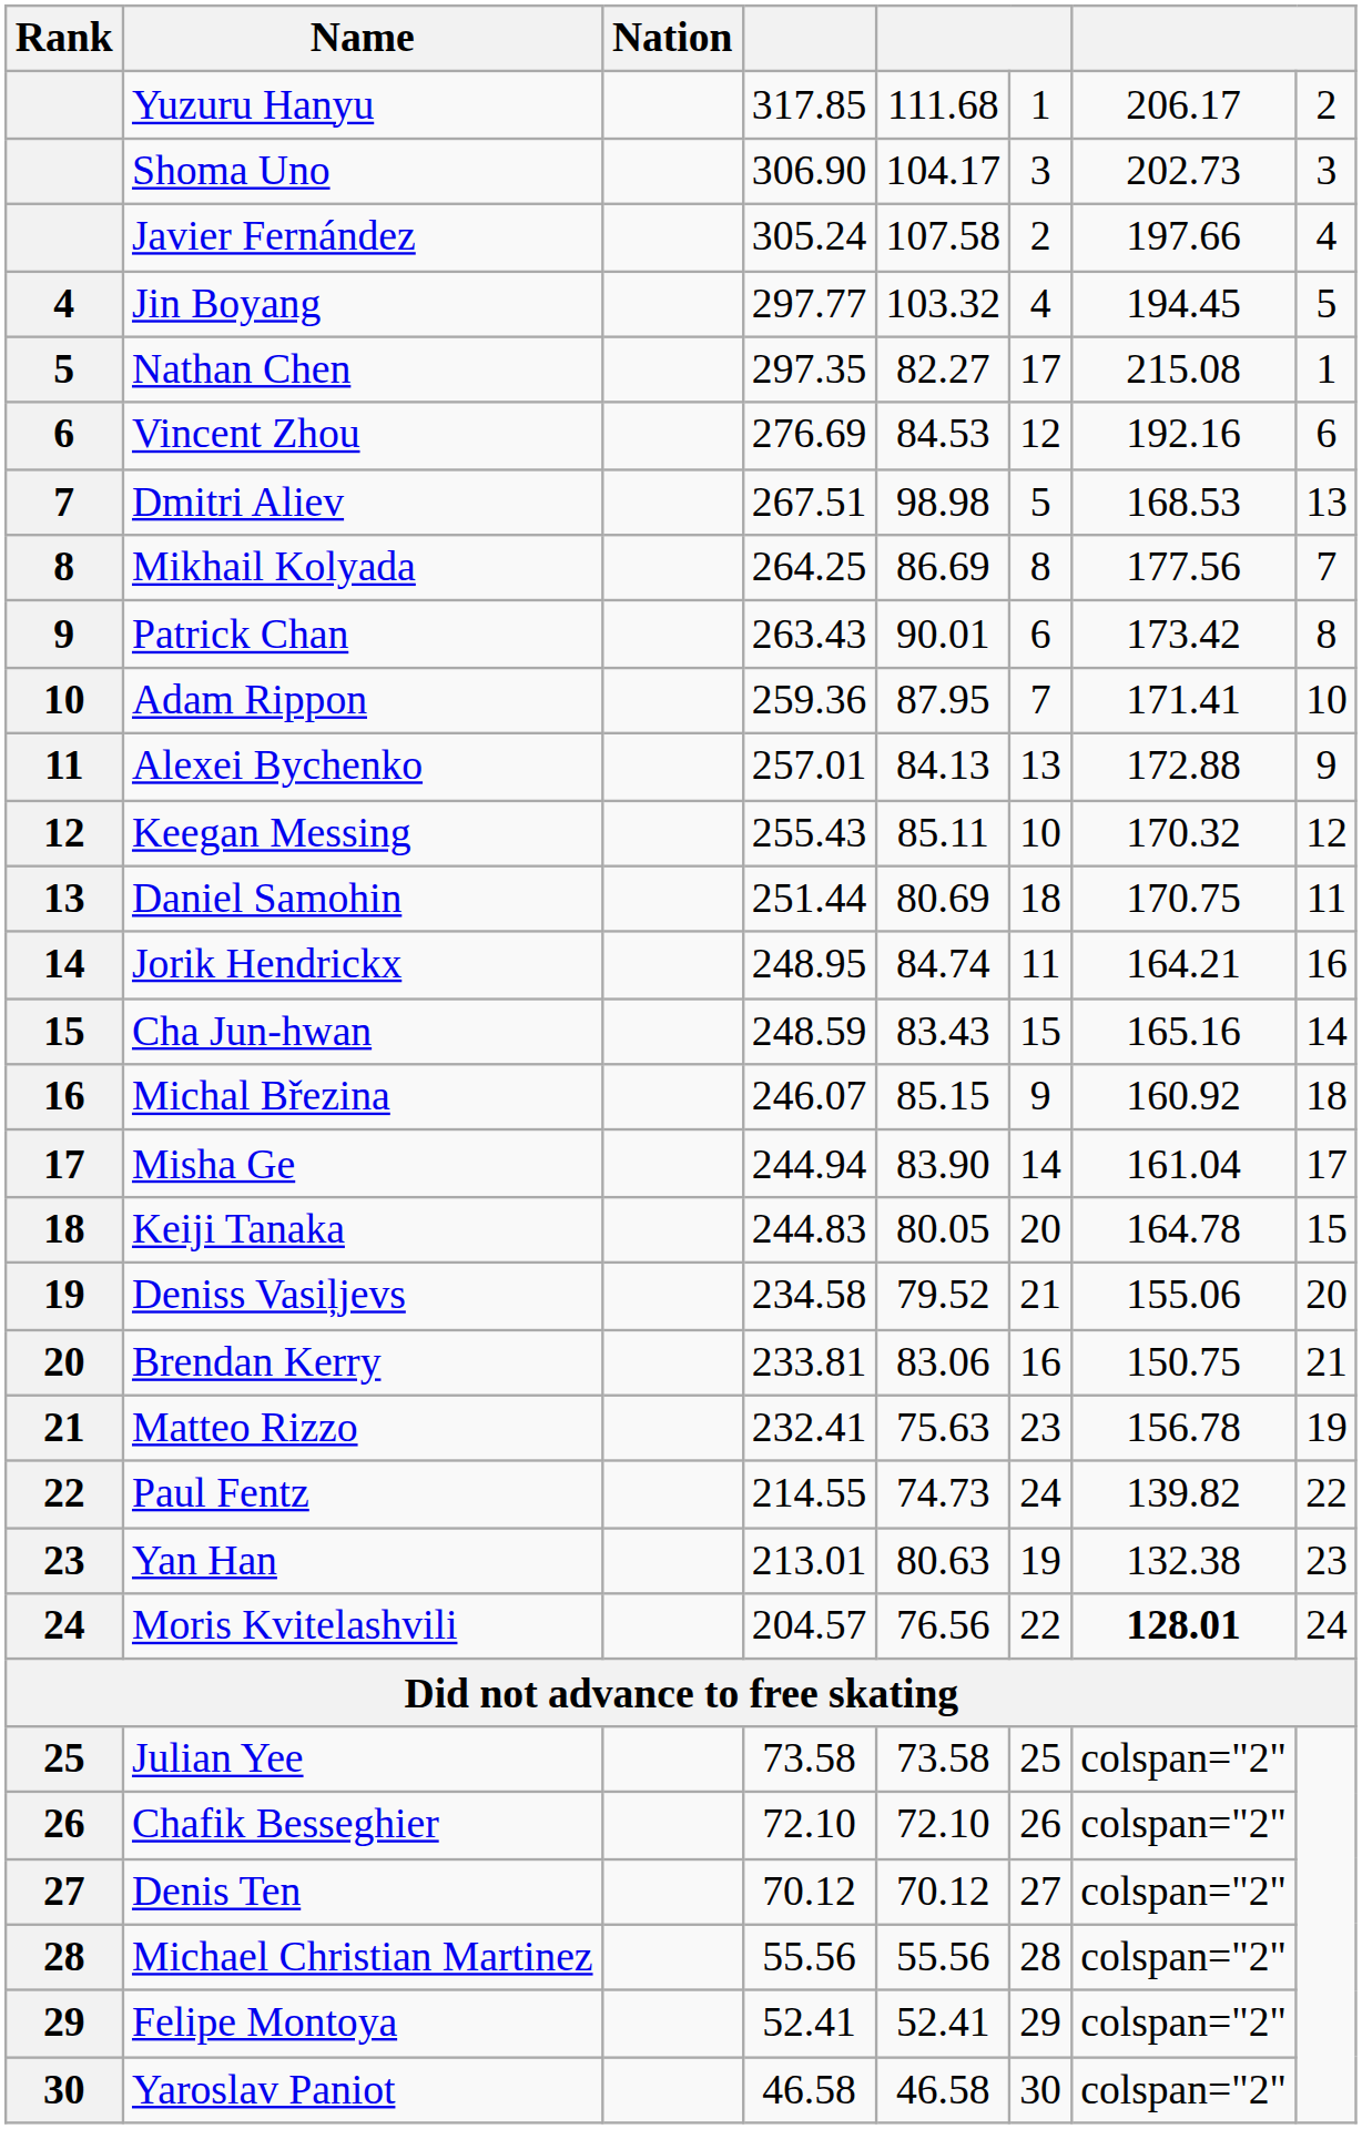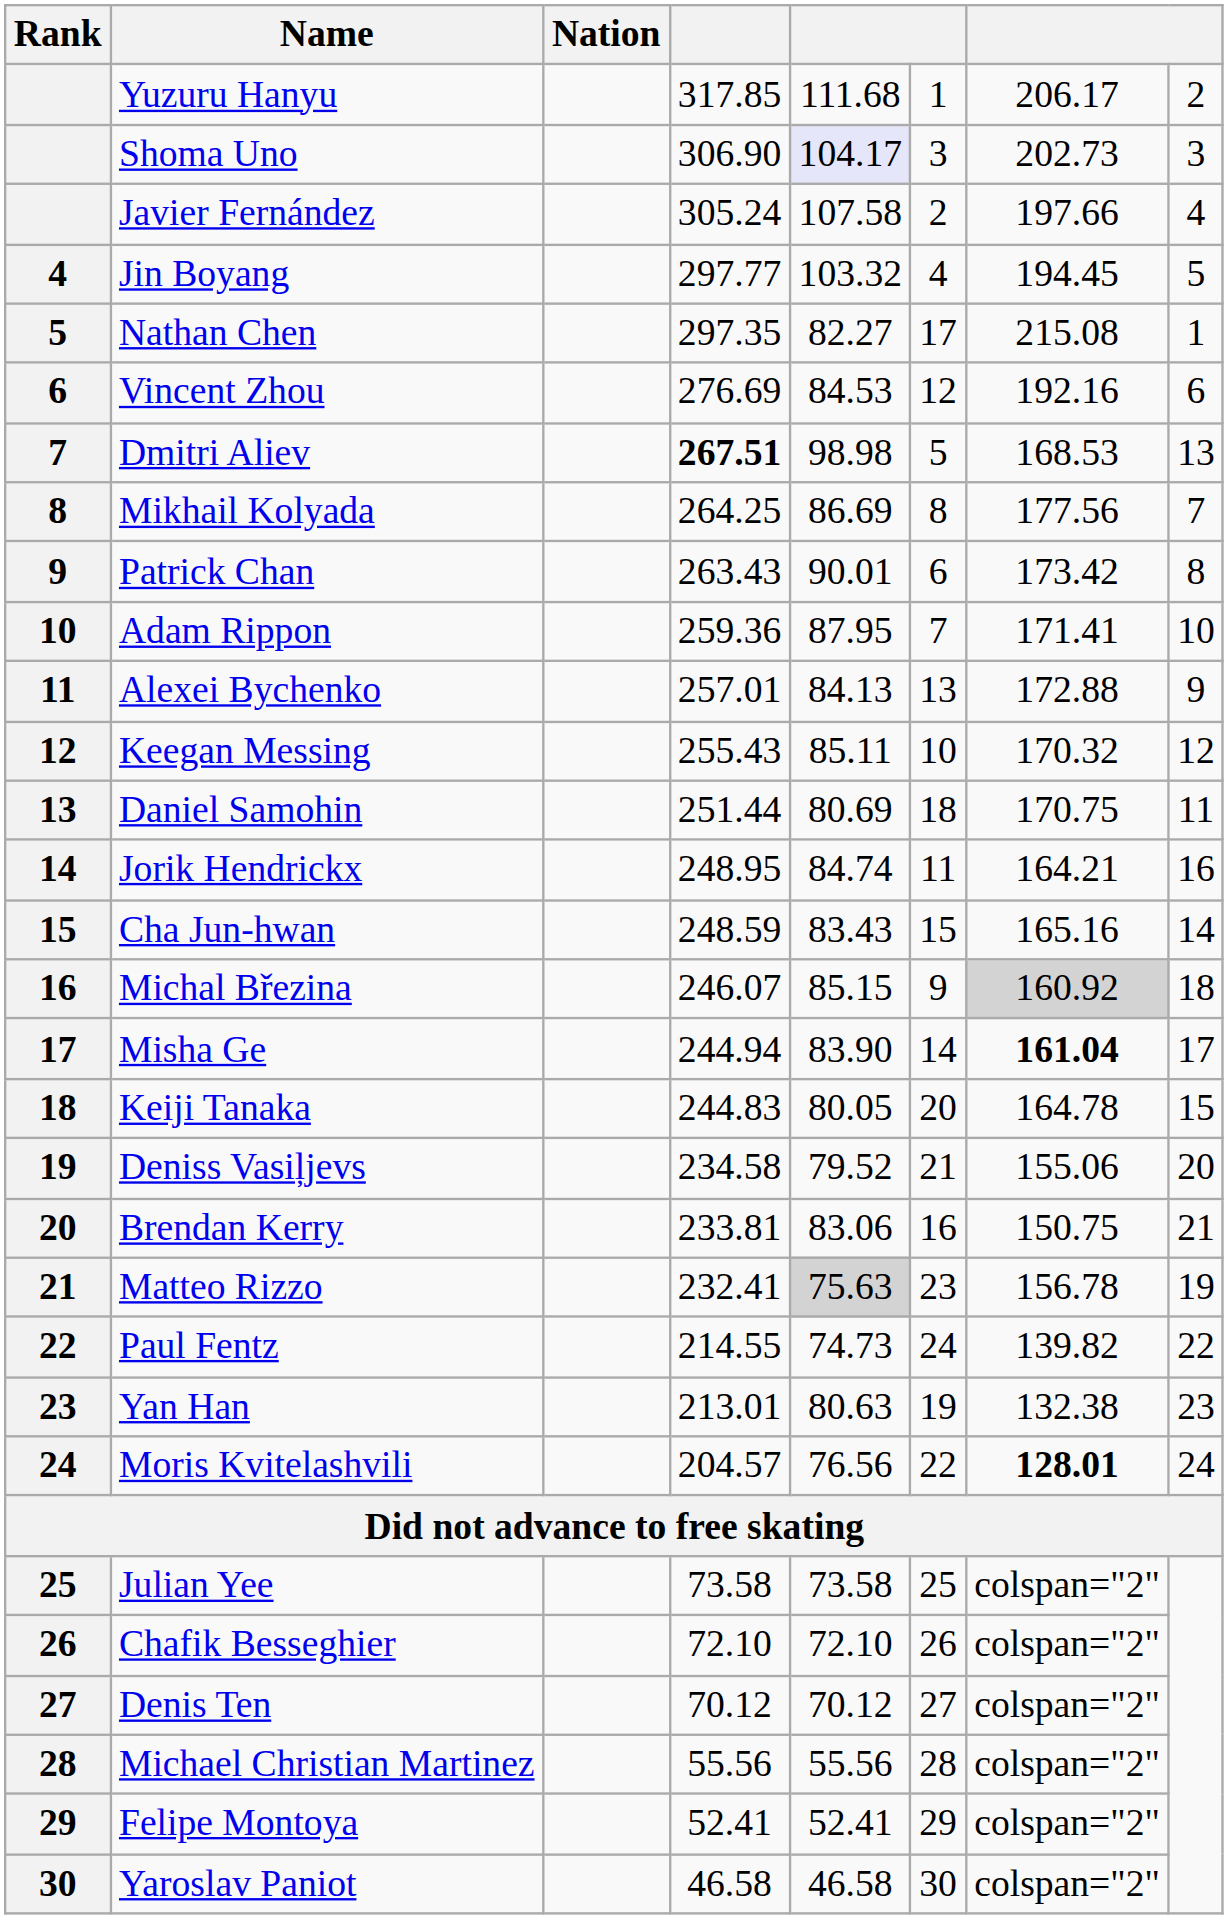 <table class="wikitable sortable" style="text-align:center">
 <tr>
 <th>Rank</th>
 <th>Name</th>
 <th>Nation</th>
 <th></th>
 <th colspan=2></th>
 <th colspan=2></th>
 </tr>
 <tr>
 <th></th>
 <td align="left"><a href='#'>Yuzuru Hanyu</a></td>
 <td align="left"></td>
 <td>317.85</td>
 <td>111.68</td>
 <td>1</td>
 <td>206.17</td>
 <td>2</td>
 </tr>
 <tr>
 <th></th>
 <td align="left"><a href='#'>Shoma Uno</a></td>
 <td align="left"></td>
 <td>306.90</td>
-<td>104.17</td>
+<td style="background: lavender;">104.17</td>
 <td>3</td>
 <td>202.73</td>
 <td>3</td>
 </tr>
 <tr>
 <th></th>
 <td align="left"><a href='#'>Javier Fernández</a></td>
 <td align="left"></td>
 <td>305.24</td>
 <td>107.58</td>
 <td>2</td>
 <td>197.66</td>
 <td>4</td>
 </tr>
 <tr>
 <th>4</th>
 <td align=left><a href='#'>Jin Boyang</a></td>
 <td align=left></td>
 <td>297.77</td>
 <td>103.32</td>
 <td>4</td>
 <td>194.45</td>
 <td>5</td>
 </tr>
 <tr>
 <th>5</th>
 <td align="left"><a href='#'>Nathan Chen</a></td>
 <td align="left"></td>
 <td>297.35</td>
 <td>82.27</td>
 <td>17</td>
 <td>215.08</td>
 <td>1</td>
 </tr>
 <tr>
 <th>6</th>
 <td align=left><a href='#'>Vincent Zhou</a></td>
 <td align=left></td>
 <td>276.69</td>
 <td>84.53</td>
 <td>12</td>
 <td>192.16</td>
 <td>6</td>
 </tr>
 <tr>
 <th>7</th>
 <td align=left><a href='#'>Dmitri Aliev</a></td>
 <td align=left></td>
-<td>267.51</td>
+<td><strong>267.51</strong></td>
 <td>98.98</td>
 <td>5</td>
 <td>168.53</td>
 <td>13</td>
 </tr>
 <tr>
 <th>8</th>
 <td align="left"><a href='#'>Mikhail Kolyada</a></td>
 <td align="left"></td>
 <td>264.25</td>
 <td>86.69</td>
 <td>8</td>
 <td>177.56</td>
 <td>7</td>
 </tr>
 <tr>
 <th>9</th>
 <td align=left><a href='#'>Patrick Chan</a></td>
 <td align=left></td>
 <td>263.43</td>
 <td>90.01</td>
 <td>6</td>
 <td>173.42</td>
 <td>8</td>
 </tr>
 <tr>
 <th>10</th>
 <td align=left><a href='#'>Adam Rippon</a></td>
 <td align=left></td>
 <td>259.36</td>
 <td>87.95</td>
 <td>7</td>
 <td>171.41</td>
 <td>10</td>
 </tr>
 <tr>
 <th>11</th>
 <td align=left><a href='#'>Alexei Bychenko</a></td>
 <td align=left></td>
 <td>257.01</td>
 <td>84.13</td>
 <td>13</td>
 <td>172.88</td>
 <td>9</td>
 </tr>
 <tr>
 <th>12</th>
 <td align=left><a href='#'>Keegan Messing</a></td>
 <td align=left></td>
 <td>255.43</td>
 <td>85.11</td>
 <td>10</td>
 <td>170.32</td>
 <td>12</td>
 </tr>
 <tr>
 <th>13</th>
 <td align=left><a href='#'>Daniel Samohin</a></td>
 <td align=left></td>
 <td>251.44</td>
 <td>80.69</td>
 <td>18</td>
 <td>170.75</td>
 <td>11</td>
 </tr>
 <tr>
 <th>14</th>
 <td align=left><a href='#'>Jorik Hendrickx</a></td>
 <td align=left></td>
 <td>248.95</td>
 <td>84.74</td>
 <td>11</td>
 <td>164.21</td>
 <td>16</td>
 </tr>
 <tr>
 <th>15</th>
 <td align=left><a href='#'>Cha Jun-hwan</a></td>
 <td align=left></td>
 <td>248.59</td>
 <td>83.43</td>
 <td>15</td>
 <td>165.16</td>
 <td>14</td>
 </tr>
 <tr>
 <th>16</th>
 <td align=left><a href='#'>Michal Březina</a></td>
 <td align=left></td>
 <td>246.07</td>
 <td>85.15</td>
 <td>9</td>
-<td>160.92</td>
+<td style="background: lightgrey;">160.92</td>
 <td>18</td>
 </tr>
 <tr>
 <th>17</th>
 <td align=left><a href='#'>Misha Ge</a></td>
 <td align=left></td>
 <td>244.94</td>
 <td>83.90</td>
 <td>14</td>
-<td>161.04</td>
+<td><strong>161.04</strong></td>
 <td>17</td>
 </tr>
 <tr>
 <th>18</th>
 <td align=left><a href='#'>Keiji Tanaka</a></td>
 <td align=left></td>
 <td>244.83</td>
 <td>80.05</td>
 <td>20</td>
 <td>164.78</td>
 <td>15</td>
 </tr>
 <tr>
 <th>19</th>
 <td align=left><a href='#'>Deniss Vasiļjevs</a></td>
 <td align=left></td>
 <td>234.58</td>
 <td>79.52</td>
 <td>21</td>
 <td>155.06</td>
 <td>20</td>
 </tr>
 <tr>
 <th>20</th>
 <td align=left><a href='#'>Brendan Kerry</a></td>
 <td align=left></td>
 <td>233.81</td>
 <td>83.06</td>
 <td>16</td>
 <td>150.75</td>
 <td>21</td>
 </tr>
 <tr>
 <th>21</th>
 <td align=left><a href='#'>Matteo Rizzo</a></td>
 <td align=left></td>
 <td>232.41</td>
-<td>75.63</td>
+<td style="background: lightgrey;">75.63</td>
 <td>23</td>
 <td>156.78</td>
 <td>19</td>
 </tr>
 <tr>
 <th>22</th>
 <td align=left><a href='#'>Paul Fentz</a></td>
 <td align=left></td>
 <td>214.55</td>
 <td>74.73</td>
 <td>24</td>
 <td>139.82</td>
 <td>22</td>
 </tr>
 <tr>
 <th>23</th>
 <td align=left><a href='#'>Yan Han</a></td>
 <td align=left></td>
 <td>213.01</td>
 <td>80.63</td>
 <td>19</td>
 <td>132.38</td>
 <td>23</td>
 </tr>
 <tr>
 <th>24</th>
 <td align=left><a href='#'>Moris Kvitelashvili</a></td>
 <td align=left></td>
 <td>204.57</td>
 <td>76.56</td>
 <td>22</td>
 <td><strong>128.01</strong></td>
 <td>24</td>
 </tr>
 <tr>
 <th colspan="8">Did not advance to free skating</th>
 </tr>
 <tr>
 <th>25</th>
 <td align=left><a href='#'>Julian Yee</a></td>
 <td align=left></td>
 <td>73.58</td>
 <td>73.58</td>
 <td>25</td>
 <td>colspan="2" </td>
 </tr>
 <tr>
 <th>26</th>
 <td align=left><a href='#'>Chafik Besseghier</a></td>
 <td align=left></td>
 <td>72.10</td>
 <td>72.10</td>
 <td>26</td>
 <td>colspan="2" </td>
 </tr>
 <tr>
 <th>27</th>
 <td align=left><a href='#'>Denis Ten</a></td>
 <td align=left></td>
 <td>70.12</td>
 <td>70.12</td>
 <td>27</td>
 <td>colspan="2" </td>
 </tr>
 <tr>
 <th>28</th>
 <td align=left><a href='#'>Michael Christian Martinez</a></td>
 <td align=left></td>
 <td>55.56</td>
 <td>55.56</td>
 <td>28</td>
 <td>colspan="2" </td>
 </tr>
 <tr>
 <th>29</th>
 <td align=left><a href='#'>Felipe Montoya</a></td>
 <td align=left></td>
 <td>52.41</td>
 <td>52.41</td>
 <td>29</td>
 <td>colspan="2" </td>
 </tr>
 <tr>
 <th>30</th>
 <td align=left><a href='#'>Yaroslav Paniot</a></td>
 <td align=left></td>
 <td>46.58</td>
 <td>46.58</td>
 <td>30</td>
 <td>colspan="2" </td>
 </tr>
 </table>
